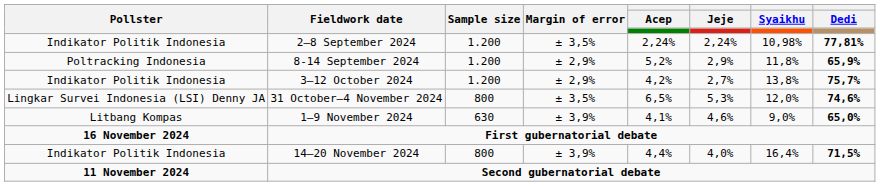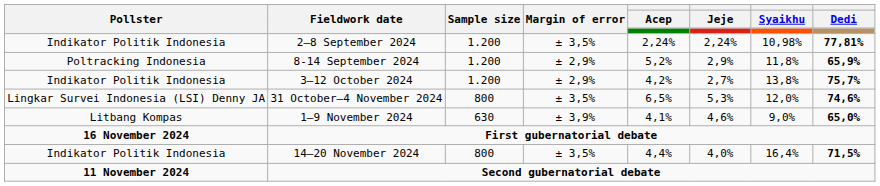 <table class="wikitable sortable mw-datatable" style="text-align:center;font-size:90%;line-height:14px">
 <tr>
 <th rowspan="3">Pollster</th>
 <th rowspan="3">Fieldwork date</th>
 <th rowspan="3">Sample size</th>
 <th rowspan="3">Margin of error</th>
 <th style="width:60px;"></th>
 <th style="width:60px;"></th>
 <th style="width:60px;"></th>
 <th style="width:60px;"></th>
 </tr>
 <tr>
 <th>Acep<br></th>
 <th>Jeje<br></th>
 <th><a href='#'>Syaikhu</a><br></th>
 <th><a href='#'>Dedi</a><br></th>
 </tr>
 <tr>
 <th class="unsortable" style="background:#008000; width:40px;"></th>
 <th class="unsortable" style="background:#DB2016; width:40px;"></th>
 <th class="unsortable" style="background:#FE5000; width:40px;"></th>
 <th class="unsortable" style="background:#B79164; width:40px;"></th>
 </tr>
 <tr>
 <td>Indikator Politik Indonesia</td>
 <td>2–8 September 2024</td>
 <td>1.200</td>
 <td>± 3,5%</td>
 <td>2,24%</td>
 <td>2,24%</td>
 <td>10,98%</td>
 <td style="background-color:#"><strong>77,81%</strong></td>
 </tr>
 <tr>
 <td>Poltracking Indonesia</td>
 <td>8-14 September 2024</td>
 <td>1.200</td>
 <td>± 2,9%</td>
 <td>5,2%</td>
 <td>2,9%</td>
 <td>11,8%</td>
 <td style="background-color:#"><strong>65,9%</strong></td>
 </tr>
 <tr>
 <td>Indikator Politik Indonesia</td>
 <td>3–12 October 2024</td>
 <td>1.200</td>
 <td>± 2,9%</td>
 <td>4,2%</td>
 <td>2,7%</td>
 <td>13,8%</td>
 <td style="background-color:#"><strong>75,7%</strong></td>
 </tr>
 <tr>
 <td>Lingkar Survei Indonesia (LSI) Denny JA</td>
 <td>31 October–4 November 2024</td>
 <td>800</td>
 <td>± 3,5%</td>
 <td>6,5%</td>
 <td>5,3%</td>
 <td>12,0%</td>
 <td style="background-color:#"><strong>74,6%</strong></td>
 </tr>
 <tr>
 <td>Litbang Kompas</td>
 <td>1–9 November 2024</td>
 <td>630</td>
 <td>± 3,9%</td>
 <td>4,1%</td>
 <td>4,6%</td>
 <td>9,0%</td>
 <td style="background-color:#"><strong>65,0%</strong></td>
 </tr>
 <tr>
 <td><strong>16 November 2024</strong></td>
 <td colspan="7"><strong>First gubernatorial debate</strong></td>
 </tr>
 <tr>
 <td>Indikator Politik Indonesia</td>
 <td>14–20 November 2024</td>
 <td>800</td>
-<td>± 3,9%</td>
+<td>± 3,5%</td>
 <td>4,4%</td>
 <td>4,0%</td>
 <td>16,4%</td>
 <td style="background-color:#"><strong>71,5%</strong></td>
 </tr>
 <tr>
 <td><strong>11 November 2024</strong></td>
 <td colspan="7"><strong>Second gubernatorial debate</strong></td>
 </tr>
 </table>
